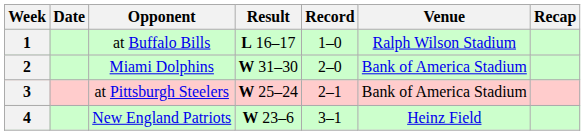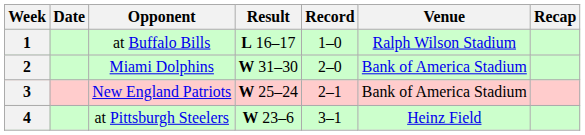 <table class="wikitable" style="text-align:center">
 <tr>
 <th>Week</th>
 <th>Date</th>
 <th>Opponent</th>
 <th>Result</th>
 <th>Record</th>
 <th>Venue</th>
 <th>Recap</th>
 </tr>
 <tr style="background:#cfc">
 <th>1</th>
 <td></td>
 <td>at <a href='#'>Buffalo Bills</a></td>
 <td><strong>L</strong> 16–17</td>
 <td>1–0</td>
 <td><a href='#'>Ralph Wilson Stadium</a></td>
 <td></td>
 </tr>
 <tr style="background:#cfc">
 <th>2</th>
 <td></td>
 <td><a href='#'>Miami Dolphins</a></td>
 <td><strong>W</strong> 31–30</td>
 <td>2–0</td>
 <td><a href='#'>Bank of America Stadium</a></td>
 <td></td>
 </tr>
 <tr style="background:#fcc">
 <th>3</th>
 <td></td>
-<td>at <a href='#'>Pittsburgh Steelers</a></td>
+<td><a href='#'>New England Patriots</a></td>
 <td><strong>W</strong> 25–24</td>
 <td>2–1</td>
 <td>Bank of America Stadium</td>
 <td></td>
 </tr>
 <tr style="background:#cfc">
 <th>4</th>
 <td></td>
-<td><a href='#'>New England Patriots</a></td>
+<td>at <a href='#'>Pittsburgh Steelers</a></td>
 <td><strong>W</strong> 23–6</td>
 <td>3–1</td>
 <td><a href='#'>Heinz Field</a></td>
 <td></td>
 </tr>
 </table>
